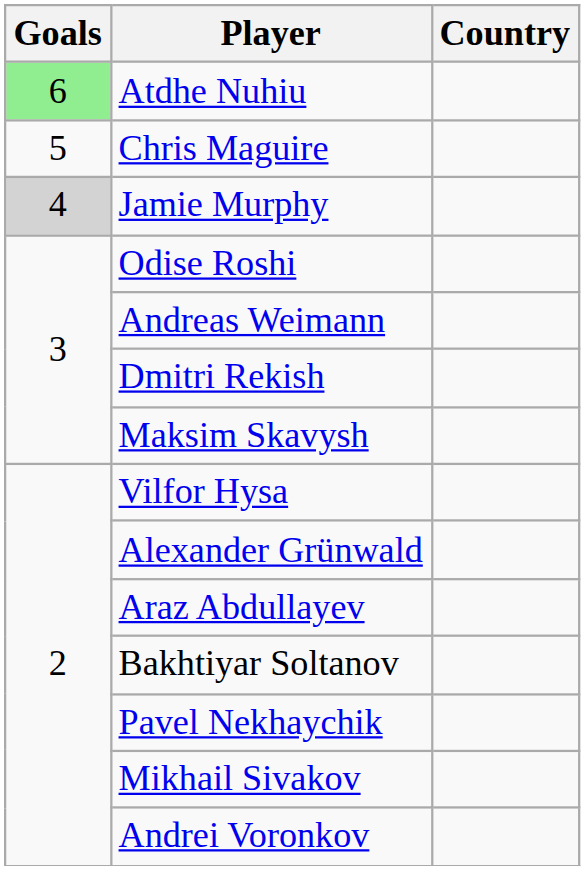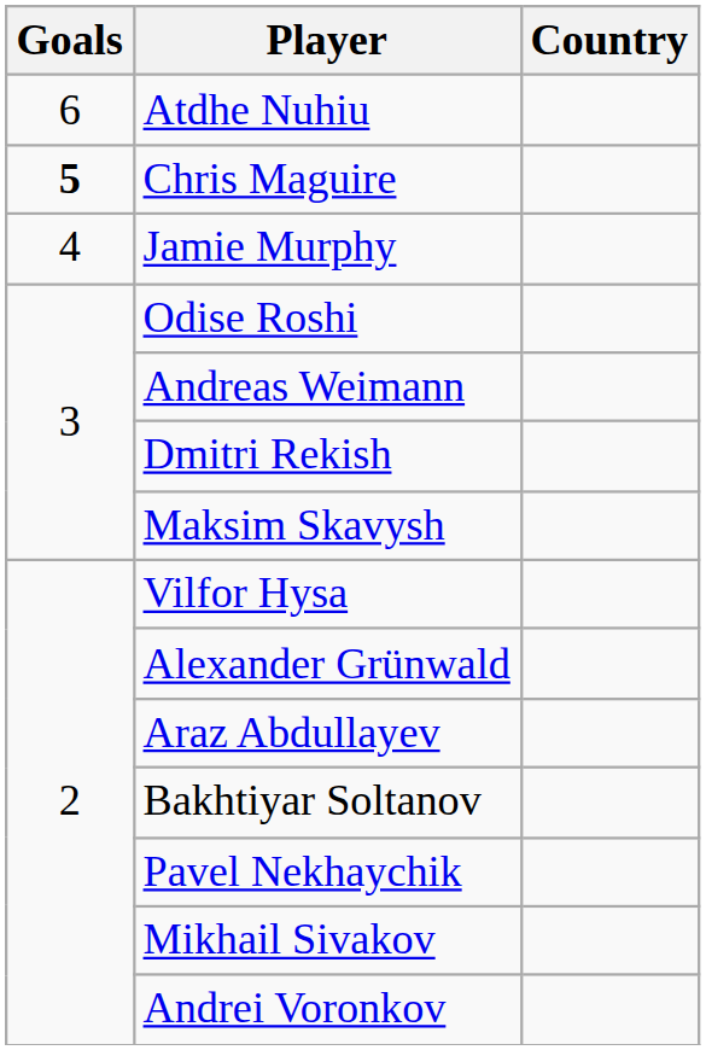 <table class="wikitable" style="text-align: left;">
 <tr>
 <th>Goals</th>
 <th>Player</th>
 <th>Country</th>
 </tr>
 <tr>
-<td rowspan="1" align=center style="background: lightgreen;">6</td>
+<td rowspan="1" align=center>6</td>
 <td><a href='#'>Atdhe Nuhiu</a></td>
 <td></td>
 </tr>
 <tr>
-<td align=center>5</td>
+<td align=center><strong>5</strong></td>
 <td><a href='#'>Chris Maguire</a></td>
 <td></td>
 </tr>
 <tr>
-<td rowspan="1" align=center style="background: lightgrey;">4</td>
+<td rowspan="1" align=center>4</td>
 <td><a href='#'>Jamie Murphy</a></td>
 <td></td>
 </tr>
 <tr>
 <td rowspan="4" align=center>3</td>
 <td><a href='#'>Odise Roshi</a></td>
 <td></td>
 </tr>
 <tr>
 <td><a href='#'>Andreas Weimann</a></td>
 <td></td>
 </tr>
 <tr>
 <td><a href='#'>Dmitri Rekish</a></td>
 <td></td>
 </tr>
 <tr>
 <td><a href='#'>Maksim Skavysh</a></td>
 <td></td>
 </tr>
 <tr>
 <td rowspan="7" align=center>2</td>
 <td><a href='#'>Vilfor Hysa</a></td>
 <td></td>
 </tr>
 <tr>
 <td><a href='#'>Alexander Grünwald</a></td>
 <td></td>
 </tr>
 <tr>
 <td><a href='#'>Araz Abdullayev</a></td>
 <td></td>
 </tr>
 <tr>
 <td>Bakhtiyar Soltanov</td>
 <td></td>
 </tr>
 <tr>
 <td><a href='#'>Pavel Nekhaychik</a></td>
 <td></td>
 </tr>
 <tr>
 <td><a href='#'>Mikhail Sivakov</a></td>
 <td></td>
 </tr>
 <tr>
 <td><a href='#'>Andrei Voronkov</a></td>
 <td></td>
 </tr>
 <tr>
 </tr>
 </table>
